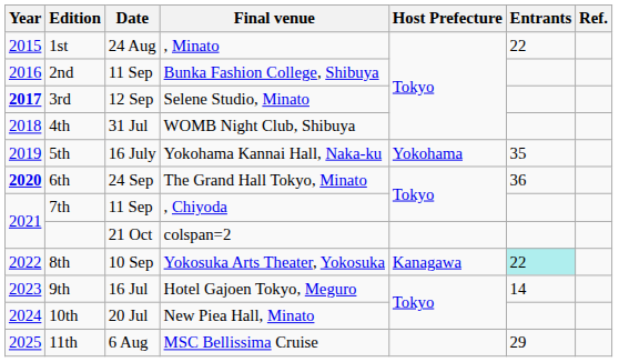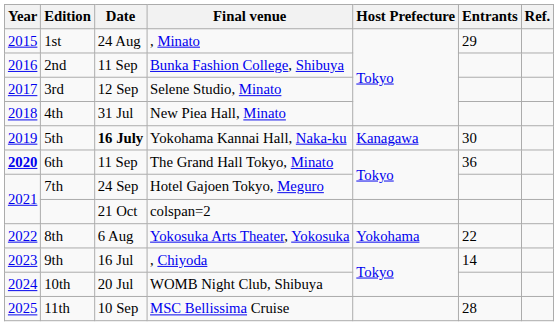 <table class="wikitable defaultcenter col3left col4left col5left" style="font-size: 95%">
 <tr>
 <th>Year</th>
 <th>Edition</th>
 <th>Date</th>
 <th>Final venue</th>
 <th>Host Prefecture</th>
 <th>Entrants</th>
 <th>Ref.</th>
 </tr>
 <tr>
 <td><a href='#'>2015</a></td>
 <td>1st</td>
 <td>24 Aug</td>
 <td>, <a href='#'>Minato</a></td>
 <td rowspan=4><a href='#'>Tokyo</a></td>
-<td>22</td>
+<td>29</td>
 <td></td>
 </tr>
 <tr>
 <td><a href='#'>2016</a></td>
 <td>2nd</td>
 <td>11 Sep</td>
 <td><a href='#'>Bunka Fashion College</a>, <a href='#'>Shibuya</a></td>
 <td></td>
 <td></td>
 </tr>
 <tr>
-<td><strong><a href='#'>2017</a></strong></td>
+<td><a href='#'>2017</a></td>
 <td>3rd</td>
 <td>12 Sep</td>
 <td>Selene Studio, <a href='#'>Minato</a></td>
 <td></td>
 <td></td>
 </tr>
 <tr>
 <td><a href='#'>2018</a></td>
 <td>4th</td>
 <td>31 Jul</td>
-<td>WOMB Night Club, Shibuya</td>
+<td>New Piea Hall, <a href='#'>Minato</a></td>
 <td></td>
 <td></td>
 </tr>
 <tr>
 <td><a href='#'>2019</a></td>
 <td>5th</td>
-<td>16 July</td>
+<td><strong>16 July</strong></td>
 <td>Yokohama Kannai Hall, <a href='#'>Naka-ku</a></td>
-<td><a href='#'>Yokohama</a></td>
-<td>35</td>
+<td><a href='#'>Kanagawa</a></td>
+<td>30</td>
 <td></td>
 </tr>
 <tr>
 <td><strong><a href='#'>2020</a></strong></td>
 <td>6th</td>
-<td>24 Sep</td>
+<td>11 Sep</td>
 <td>The Grand Hall Tokyo, <a href='#'>Minato</a></td>
 <td rowspan=2><a href='#'>Tokyo</a></td>
 <td>36</td>
 <td></td>
 </tr>
 <tr>
 <td rowspan=2><a href='#'>2021</a></td>
 <td>7th</td>
-<td>11 Sep</td>
-<td>, <a href='#'>Chiyoda</a></td>
+<td>24 Sep</td>
+<td>Hotel Gajoen Tokyo, <a href='#'>Meguro</a></td>
 <td></td>
 <td></td>
 </tr>
 <tr>
 <td></td>
 <td>21 Oct</td>
 <td>colspan=2 </td>
 <td></td>
 <td></td>
 </tr>
 <tr>
 <td><a href='#'>2022</a></td>
 <td>8th</td>
-<td>10 Sep</td>
+<td>6 Aug</td>
 <td><a href='#'>Yokosuka Arts Theater</a>, <a href='#'>Yokosuka</a></td>
-<td><a href='#'>Kanagawa</a></td>
-<td style="background: paleturquoise;">22</td>
+<td><a href='#'>Yokohama</a></td>
+<td>22</td>
 <td></td>
 </tr>
 <tr>
 <td><a href='#'>2023</a></td>
 <td>9th</td>
 <td>16 Jul</td>
-<td>Hotel Gajoen Tokyo, <a href='#'>Meguro</a></td>
+<td>, <a href='#'>Chiyoda</a></td>
 <td rowspan=2><a href='#'>Tokyo</a></td>
 <td>14</td>
 <td></td>
 </tr>
 <tr>
 <td><a href='#'>2024</a></td>
 <td>10th</td>
 <td>20 Jul</td>
-<td>New Piea Hall, <a href='#'>Minato</a></td>
+<td>WOMB Night Club, Shibuya</td>
 <td></td>
 <td></td>
 </tr>
 <tr>
 <td><a href='#'>2025</a></td>
 <td>11th</td>
-<td>6 Aug</td>
+<td>10 Sep</td>
 <td><a href='#'>MSC Bellissima</a> Cruise</td>
 <td></td>
-<td>29</td>
+<td>28</td>
 <td></td>
 </tr>
 </table>
